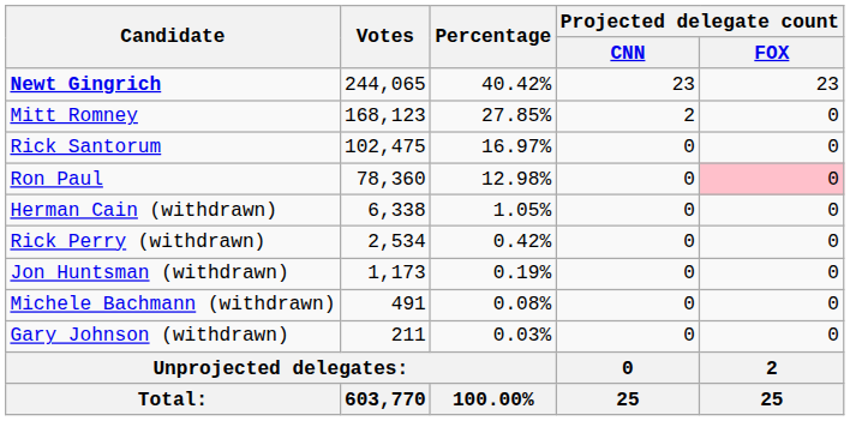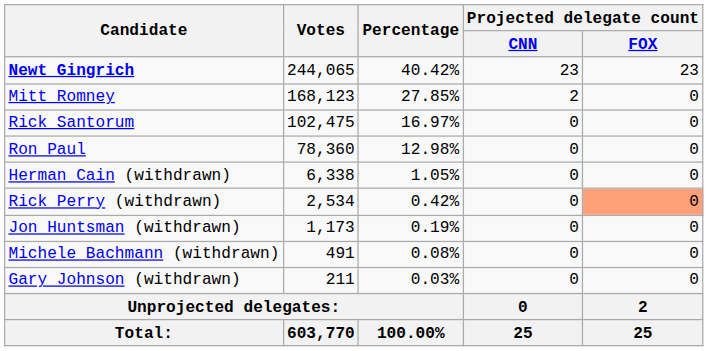 <table class="wikitable" style="text-align:right;">
 <tr>
 <th rowspan="2">Candidate</th>
 <th rowspan="2">Votes</th>
 <th rowspan="2">Percentage </th>
 <th colspan="2">Projected delegate count</th>
 </tr>
 <tr>
 <th><a href='#'>CNN</a><br></th>
 <th><a href='#'>FOX</a><br></th>
 </tr>
 <tr>
 <td style="text-align:left;"> <strong><a href='#'>Newt Gingrich</a></strong></td>
 <td>244,065</td>
 <td>40.42%</td>
 <td>23</td>
 <td>23</td>
 </tr>
 <tr>
 <td style="text-align:left;"><a href='#'>Mitt Romney</a></td>
 <td>168,123</td>
 <td>27.85%</td>
 <td>2</td>
 <td>0</td>
 </tr>
 <tr>
 <td style="text-align:left;"><a href='#'>Rick Santorum</a></td>
 <td>102,475</td>
 <td>16.97%</td>
 <td>0</td>
 <td>0</td>
 </tr>
 <tr>
 <td style="text-align:left;"><a href='#'>Ron Paul</a></td>
 <td>78,360</td>
 <td>12.98%</td>
 <td>0</td>
-<td style="background: pink;">0</td>
+<td>0</td>
 </tr>
 <tr>
 <td style="text-align:left;"><a href='#'>Herman Cain</a> (withdrawn)</td>
 <td>6,338</td>
 <td>1.05%</td>
 <td>0</td>
 <td>0</td>
 </tr>
 <tr>
 <td style="text-align:left;"><a href='#'>Rick Perry</a> (withdrawn)</td>
 <td>2,534</td>
 <td>0.42%</td>
 <td>0</td>
-<td>0</td>
+<td style="background: lightsalmon;">0</td>
 </tr>
 <tr>
 <td style="text-align:left;"><a href='#'>Jon Huntsman</a> (withdrawn)</td>
 <td>1,173</td>
 <td>0.19%</td>
 <td>0</td>
 <td>0</td>
 </tr>
 <tr>
 <td style="text-align:left;"><a href='#'>Michele Bachmann</a> (withdrawn)</td>
 <td>491</td>
 <td>0.08%</td>
 <td>0</td>
 <td>0</td>
 </tr>
 <tr>
 <td style="text-align:left;"><a href='#'>Gary Johnson</a> (withdrawn)</td>
 <td>211</td>
 <td>0.03%</td>
 <td>0</td>
 <td>0</td>
 </tr>
 <tr style="background:#eee;">
 <th colspan="3">Unprojected delegates:</th>
 <th>0</th>
 <th>2</th>
 </tr>
 <tr style="background:#eee;">
 <th>Total:</th>
 <th>603,770</th>
 <th>100.00%</th>
 <th>25</th>
 <th>25</th>
 </tr>
 </table>
